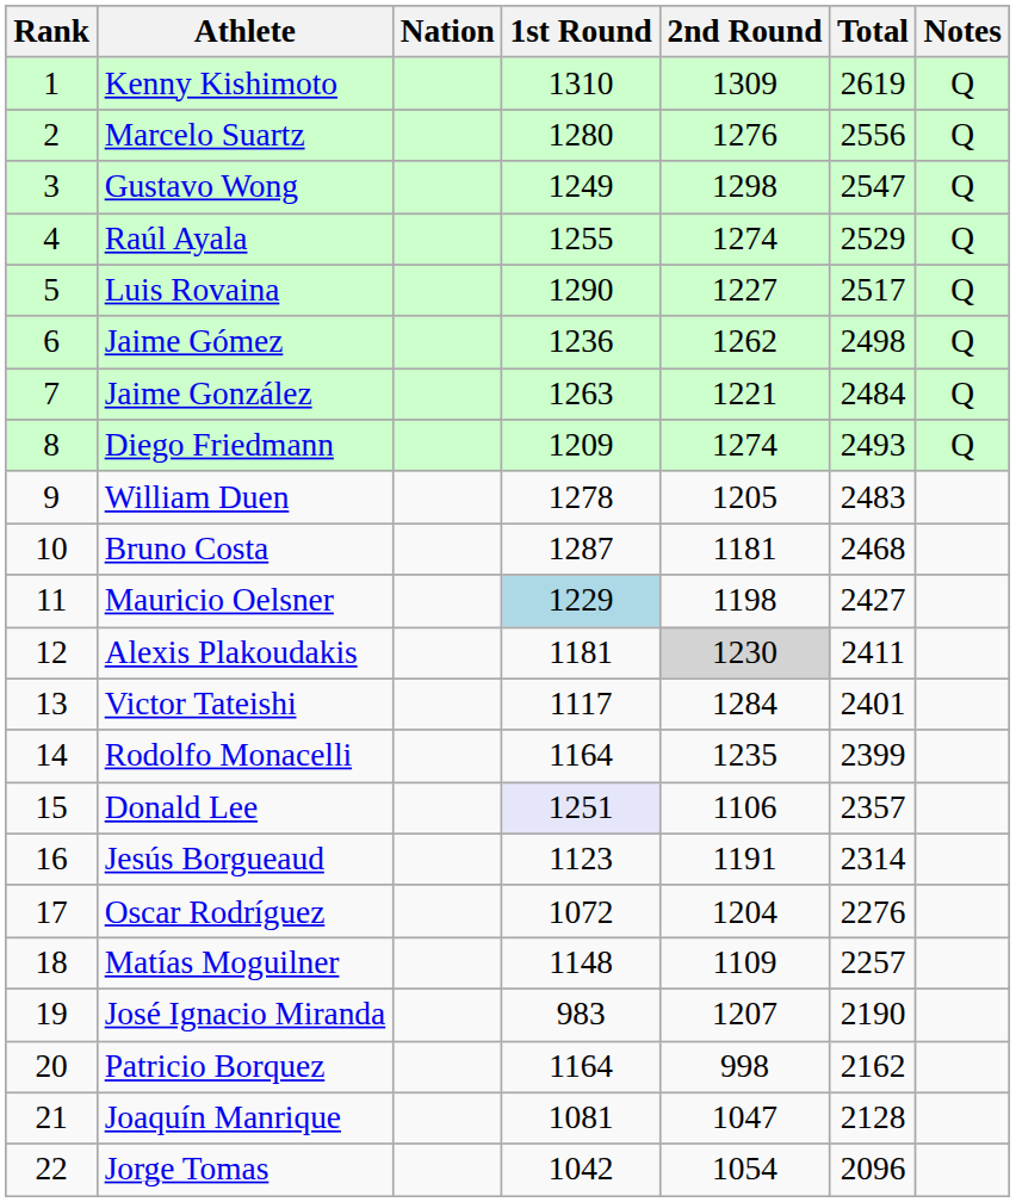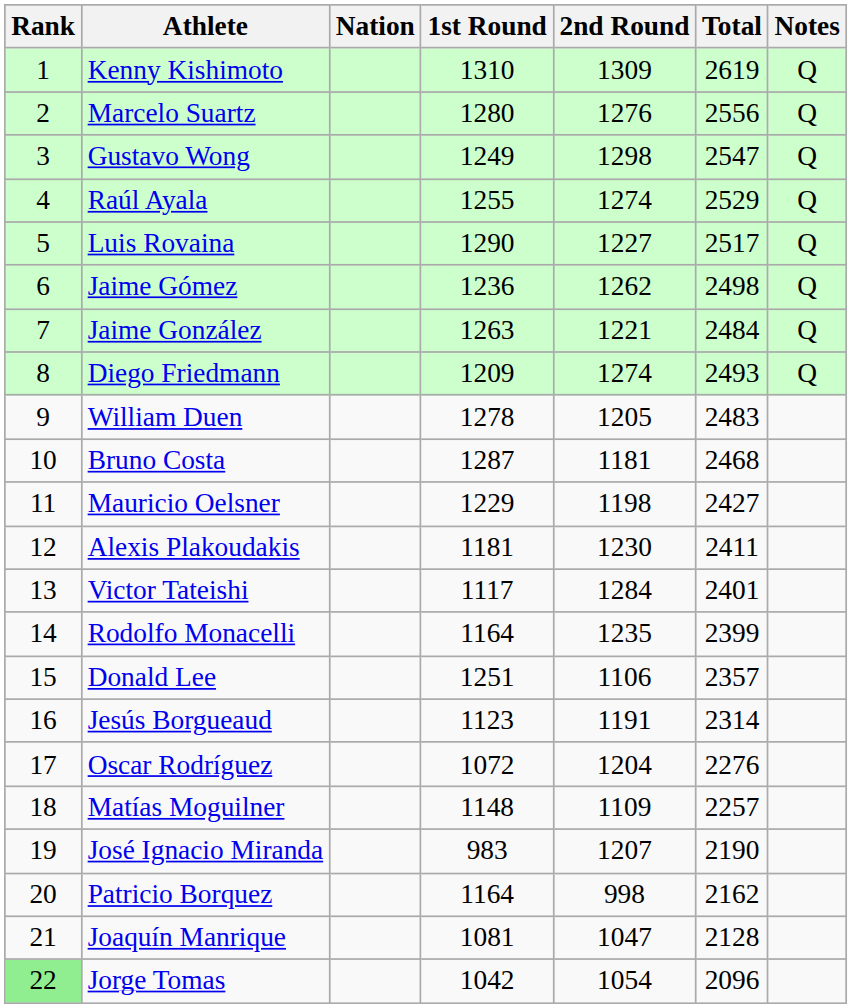 <table class="wikitable sortable" style="text-align:center">
 <tr>
 <th>Rank</th>
 <th>Athlete</th>
 <th>Nation</th>
 <th>1st Round</th>
 <th>2nd Round</th>
 <th>Total</th>
 <th>Notes</th>
 </tr>
 <tr bgcolor=ccffcc>
 <td>1</td>
 <td align=left><a href='#'>Kenny Kishimoto</a></td>
 <td align=left></td>
 <td>1310</td>
 <td>1309</td>
 <td>2619</td>
 <td>Q</td>
 </tr>
 <tr bgcolor=ccffcc>
 <td>2</td>
 <td align=left><a href='#'>Marcelo Suartz</a></td>
 <td align=left></td>
 <td>1280</td>
 <td>1276</td>
 <td>2556</td>
 <td>Q</td>
 </tr>
 <tr bgcolor=ccffcc>
 <td>3</td>
 <td align=left><a href='#'>Gustavo Wong</a></td>
 <td align=left></td>
 <td>1249</td>
 <td>1298</td>
 <td>2547</td>
 <td>Q</td>
 </tr>
 <tr bgcolor=ccffcc>
 <td>4</td>
 <td align=left><a href='#'>Raúl Ayala</a></td>
 <td align=left></td>
 <td>1255</td>
 <td>1274</td>
 <td>2529</td>
 <td>Q</td>
 </tr>
 <tr bgcolor=ccffcc>
 <td>5</td>
 <td align=left><a href='#'>Luis Rovaina</a></td>
 <td align=left></td>
 <td>1290</td>
 <td>1227</td>
 <td>2517</td>
 <td>Q</td>
 </tr>
 <tr bgcolor=ccffcc>
 <td>6</td>
 <td align=left><a href='#'>Jaime Gómez</a></td>
 <td align=left></td>
 <td>1236</td>
 <td>1262</td>
 <td>2498</td>
 <td>Q</td>
 </tr>
 <tr bgcolor=ccffcc>
 <td>7</td>
 <td align=left><a href='#'>Jaime González</a></td>
 <td align=left></td>
 <td>1263</td>
 <td>1221</td>
 <td>2484</td>
 <td>Q</td>
 </tr>
 <tr bgcolor=ccffcc>
 <td>8</td>
 <td align=left><a href='#'>Diego Friedmann</a></td>
 <td align=left></td>
 <td>1209</td>
 <td>1274</td>
 <td>2493</td>
 <td>Q</td>
 </tr>
 <tr>
 <td>9</td>
 <td align=left><a href='#'>William Duen</a></td>
 <td align=left></td>
 <td>1278</td>
 <td>1205</td>
 <td>2483</td>
 <td></td>
 </tr>
 <tr>
 <td>10</td>
 <td align=left><a href='#'>Bruno Costa</a></td>
 <td align=left></td>
 <td>1287</td>
 <td>1181</td>
 <td>2468</td>
 <td></td>
 </tr>
 <tr>
 <td>11</td>
 <td align=left><a href='#'>Mauricio Oelsner</a></td>
 <td align=left></td>
-<td style="background: lightblue;">1229</td>
+<td>1229</td>
 <td>1198</td>
 <td>2427</td>
 <td></td>
 </tr>
 <tr>
 <td>12</td>
 <td align=left><a href='#'>Alexis Plakoudakis</a></td>
 <td align=left></td>
 <td>1181</td>
-<td style="background: lightgrey;">1230</td>
+<td>1230</td>
 <td>2411</td>
 <td></td>
 </tr>
 <tr>
 <td>13</td>
 <td align=left><a href='#'>Victor Tateishi</a></td>
 <td align=left></td>
 <td>1117</td>
 <td>1284</td>
 <td>2401</td>
 <td></td>
 </tr>
 <tr>
 <td>14</td>
 <td align=left><a href='#'>Rodolfo Monacelli</a></td>
 <td align=left></td>
 <td>1164</td>
 <td>1235</td>
 <td>2399</td>
 <td></td>
 </tr>
 <tr>
 <td>15</td>
 <td align=left><a href='#'>Donald Lee</a></td>
 <td align=left></td>
-<td style="background: lavender;">1251</td>
+<td>1251</td>
 <td>1106</td>
 <td>2357</td>
 <td></td>
 </tr>
 <tr>
 <td>16</td>
 <td align=left><a href='#'>Jesús Borgueaud</a></td>
 <td align=left></td>
 <td>1123</td>
 <td>1191</td>
 <td>2314</td>
 <td></td>
 </tr>
 <tr>
 <td>17</td>
 <td align=left><a href='#'>Oscar Rodríguez</a></td>
 <td align=left></td>
 <td>1072</td>
 <td>1204</td>
 <td>2276</td>
 <td></td>
 </tr>
 <tr>
 <td>18</td>
 <td align=left><a href='#'>Matías Moguilner</a></td>
 <td align=left></td>
 <td>1148</td>
 <td>1109</td>
 <td>2257</td>
 <td></td>
 </tr>
 <tr>
 <td>19</td>
 <td align=left><a href='#'>José Ignacio Miranda</a></td>
 <td align=left></td>
 <td>983</td>
 <td>1207</td>
 <td>2190</td>
 <td></td>
 </tr>
 <tr>
 <td>20</td>
 <td align=left><a href='#'>Patricio Borquez</a></td>
 <td align=left></td>
 <td>1164</td>
 <td>998</td>
 <td>2162</td>
 <td></td>
 </tr>
 <tr>
 <td>21</td>
 <td align=left><a href='#'>Joaquín Manrique</a></td>
 <td align=left></td>
 <td>1081</td>
 <td>1047</td>
 <td>2128</td>
 <td></td>
 </tr>
 <tr>
-<td>22</td>
+<td style="background: lightgreen;">22</td>
 <td align=left><a href='#'>Jorge Tomas</a></td>
 <td align=left></td>
 <td>1042</td>
 <td>1054</td>
 <td>2096</td>
 <td></td>
 </tr>
 <tr>
 </tr>
 </table>
